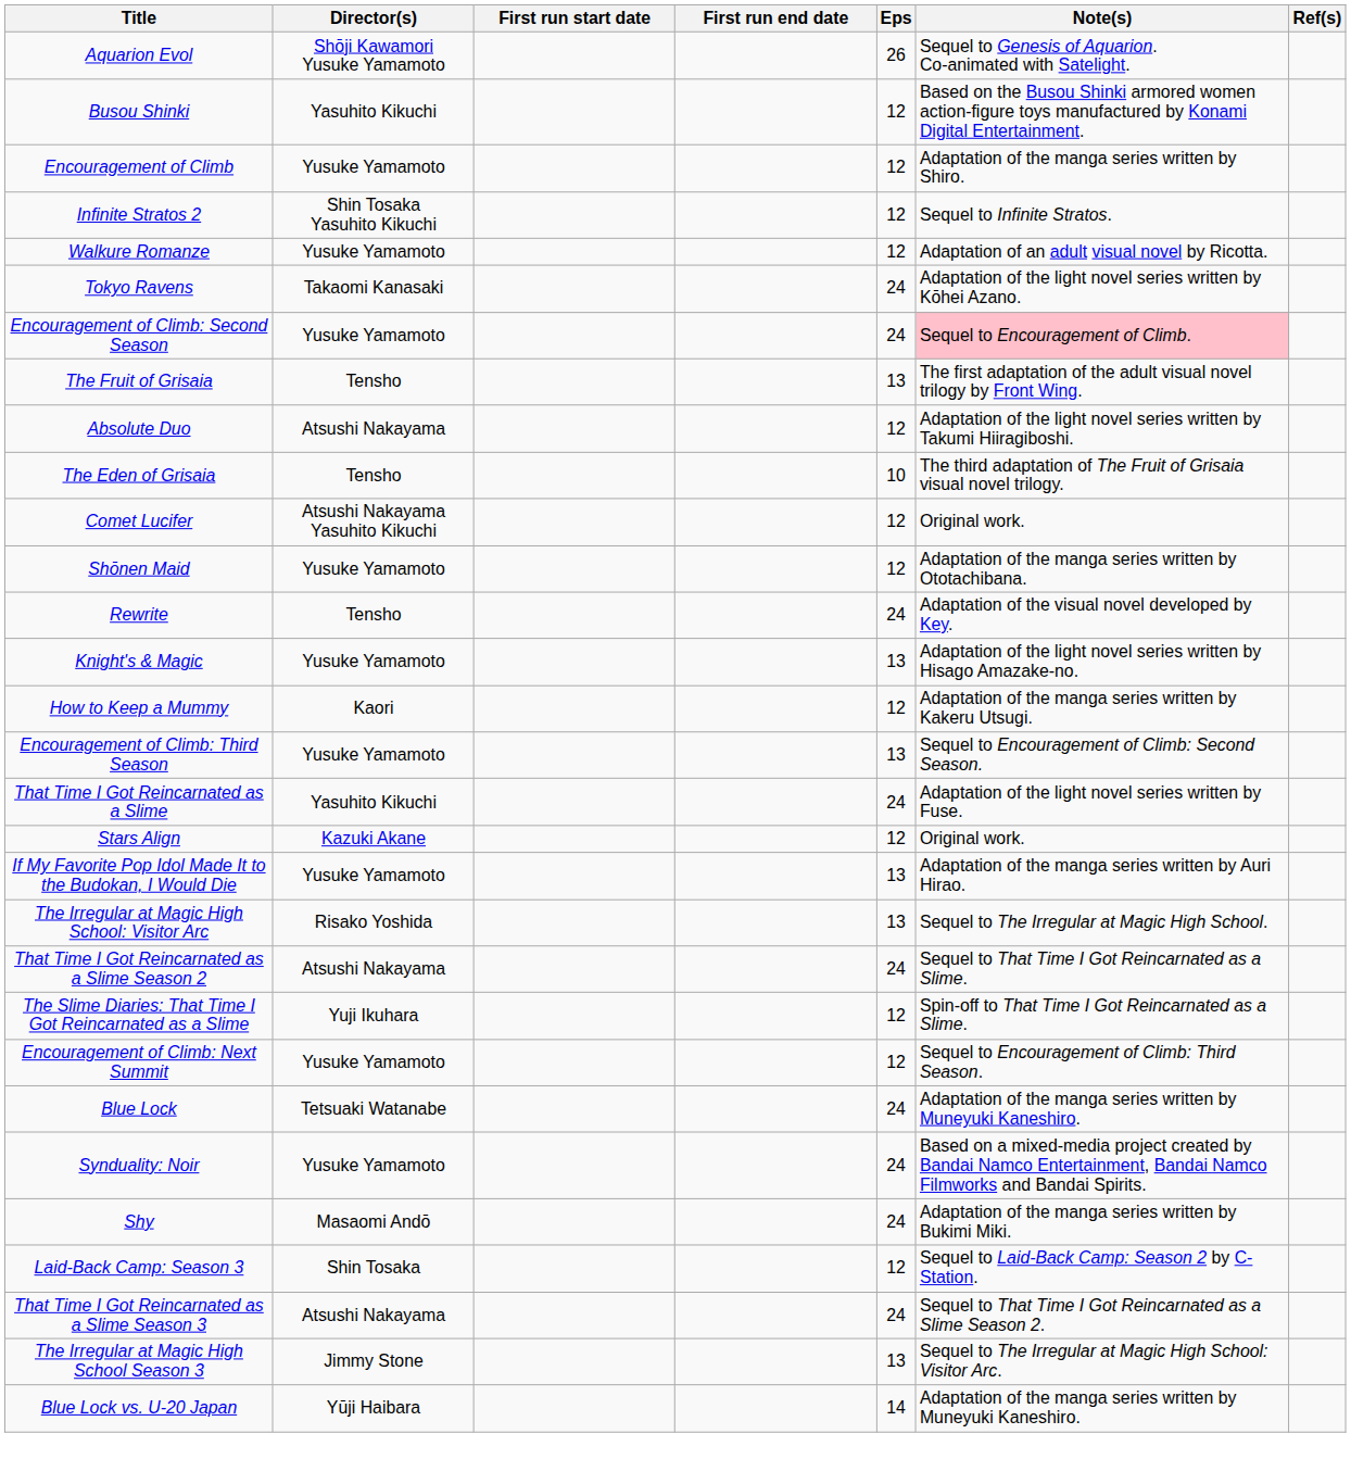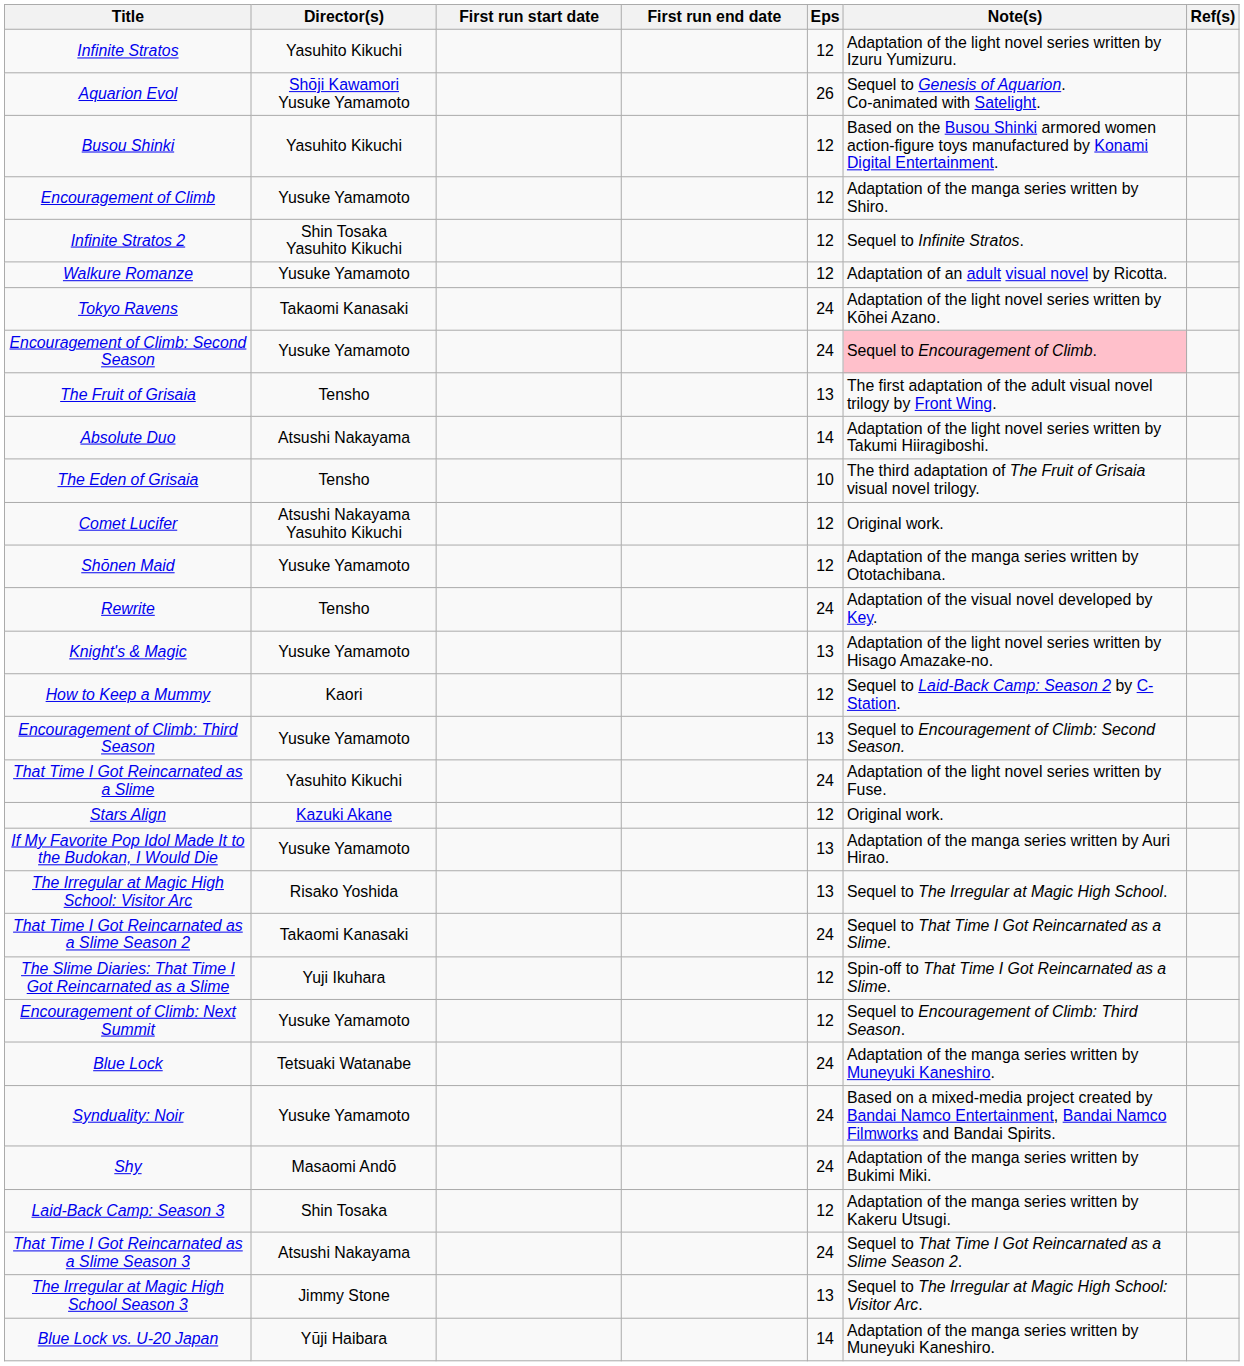 <table class="wikitable sortable" style="text-align:center; margin=auto; ">
 <tr>
 <th scope="col" width=20%>Title</th>
 <th scope="col" width=15%>Director(s)</th>
 <th scope="col" width=15%>First run start date</th>
 <th scope="col" width=15%>First run end date</th>
 <th scope="col" class="unsortable">Eps</th>
 <th scope="col" class="unsortable">Note(s)</th>
 <th scope="col" class="unsortable">Ref(s)</th>
+</tr>
+<tr>
+<td><em><a href='#'>Infinite Stratos</a></em></td>
+<td>Yasuhito Kikuchi</td>
+<td></td>
+<td></td>
+<td>12</td>
+<td style="text-align:left;">Adaptation of the light novel series written by Izuru Yumizuru.</td>
+<td></td>
 </tr>
 <tr>
 <td><em><a href='#'>Aquarion Evol</a></em></td>
 <td><a href='#'>Shōji Kawamori</a><br> Yusuke Yamamoto</td>
 <td></td>
 <td></td>
 <td>26</td>
 <td style="text-align:left;">Sequel to <em><a href='#'>Genesis of Aquarion</a></em>. <br>Co-animated with <a href='#'>Satelight</a>.</td>
 <td></td>
 </tr>
 <tr>
 <td><em><a href='#'>Busou Shinki</a></em></td>
 <td>Yasuhito Kikuchi</td>
 <td></td>
 <td></td>
 <td>12</td>
 <td style="text-align:left;">Based on the <a href='#'>Busou Shinki</a> armored women action-figure toys manufactured by <a href='#'>Konami Digital Entertainment</a>.</td>
 <td></td>
 </tr>
 <tr>
 <td><em><a href='#'>Encouragement of Climb</a></em></td>
 <td>Yusuke Yamamoto</td>
 <td></td>
 <td></td>
 <td>12</td>
 <td style="text-align:left;">Adaptation of the manga series written by Shiro.</td>
 <td></td>
 </tr>
 <tr>
 <td><em><a href='#'>Infinite Stratos 2</a></em></td>
 <td>Shin Tosaka<br>Yasuhito Kikuchi</td>
 <td></td>
 <td></td>
 <td>12</td>
 <td style="text-align:left;">Sequel to <em>Infinite Stratos</em>.</td>
 <td></td>
 </tr>
 <tr>
 <td><em><a href='#'>Walkure Romanze</a></em></td>
 <td>Yusuke Yamamoto</td>
 <td></td>
 <td></td>
 <td>12</td>
 <td style="text-align:left;">Adaptation of an <a href='#'>adult</a> <a href='#'>visual novel</a> by Ricotta.</td>
 <td></td>
 </tr>
 <tr>
 <td><em><a href='#'>Tokyo Ravens</a></em></td>
 <td>Takaomi Kanasaki</td>
 <td></td>
 <td></td>
 <td>24</td>
 <td style="text-align:left;">Adaptation of the light novel series written by Kōhei Azano.</td>
 <td></td>
 </tr>
 <tr>
 <td><em><a href='#'>Encouragement of Climb: Second Season</a></em></td>
 <td>Yusuke Yamamoto</td>
 <td></td>
 <td></td>
 <td>24</td>
 <td style="background: pink; text-align:left;">Sequel to <em>Encouragement of Climb</em>.</td>
 <td></td>
 </tr>
 <tr>
 <td><em><a href='#'>The Fruit of Grisaia</a></em></td>
 <td>Tensho</td>
 <td></td>
 <td></td>
 <td>13</td>
 <td style="text-align:left;">The first adaptation of the adult visual novel trilogy by <a href='#'>Front Wing</a>.</td>
 <td></td>
 </tr>
 <tr>
 <td><em><a href='#'>Absolute Duo</a></em></td>
 <td>Atsushi Nakayama</td>
 <td></td>
 <td></td>
-<td>12</td>
+<td>14</td>
 <td style="text-align:left;">Adaptation of the light novel series written by Takumi Hiiragiboshi.</td>
 <td></td>
 </tr>
 <tr>
 <td><em><a href='#'>The Eden of Grisaia</a></em></td>
 <td>Tensho</td>
 <td></td>
 <td></td>
 <td>10</td>
 <td style="text-align:left;">The third adaptation of <em>The Fruit of Grisaia</em> visual novel trilogy.</td>
 <td></td>
 </tr>
 <tr>
 <td><em><a href='#'>Comet Lucifer</a></em></td>
 <td>Atsushi Nakayama<br>Yasuhito Kikuchi</td>
 <td></td>
 <td></td>
 <td>12</td>
 <td style="text-align:left;">Original work.</td>
 <td></td>
 </tr>
 <tr>
 <td><em><a href='#'>Shōnen Maid</a></em></td>
 <td>Yusuke Yamamoto</td>
 <td></td>
 <td></td>
 <td>12</td>
 <td style="text-align:left;">Adaptation of the manga series written by Ototachibana.</td>
 <td></td>
 </tr>
 <tr>
 <td><em><a href='#'>Rewrite</a></em></td>
 <td>Tensho</td>
 <td></td>
 <td></td>
 <td>24</td>
 <td style="text-align:left;">Adaptation of the visual novel developed by <a href='#'>Key</a>.</td>
 <td></td>
 </tr>
 <tr>
 <td><em><a href='#'>Knight's & Magic</a></em></td>
 <td>Yusuke Yamamoto</td>
 <td></td>
 <td></td>
 <td>13</td>
 <td style="text-align:left;">Adaptation of the light novel series written by Hisago Amazake-no.</td>
 <td></td>
 </tr>
 <tr>
 <td><em><a href='#'>How to Keep a Mummy</a></em></td>
 <td>Kaori</td>
 <td></td>
 <td></td>
 <td>12</td>
-<td style="text-align:left;">Adaptation of the manga series written by Kakeru Utsugi.</td>
+<td style="text-align:left;">Sequel to <em><a href='#'>Laid-Back Camp: Season 2</a></em> by <a href='#'>C-Station</a>.</td>
 <td></td>
 </tr>
 <tr>
 <td><em><a href='#'>Encouragement of Climb: Third Season</a></em></td>
 <td>Yusuke Yamamoto</td>
 <td></td>
 <td></td>
 <td>13</td>
 <td style="text-align:left;">Sequel to <em>Encouragement of Climb: Second Season.</em></td>
 <td></td>
 </tr>
 <tr>
 <td><em><a href='#'>That Time I Got Reincarnated as a Slime</a></em></td>
 <td>Yasuhito Kikuchi</td>
 <td></td>
 <td></td>
 <td>24</td>
 <td style="text-align:left;">Adaptation of the light novel series written by Fuse.</td>
 <td></td>
 </tr>
 <tr>
 <td><em><a href='#'>Stars Align</a></em></td>
 <td><a href='#'>Kazuki Akane</a></td>
 <td></td>
 <td></td>
 <td>12</td>
 <td style="text-align:left;">Original work.</td>
 <td></td>
 </tr>
 <tr>
 <td><em><a href='#'>If My Favorite Pop Idol Made It to the Budokan, I Would Die</a></em></td>
 <td>Yusuke Yamamoto</td>
 <td></td>
 <td></td>
 <td>13</td>
 <td style="text-align:left;">Adaptation of the manga series written by Auri Hirao.</td>
 <td></td>
 </tr>
 <tr>
 <td><em><a href='#'>The Irregular at Magic High School: Visitor Arc</a></em></td>
 <td>Risako Yoshida</td>
 <td></td>
 <td></td>
 <td>13</td>
 <td style="text-align:left;">Sequel to <em>The Irregular at Magic High School</em>.</td>
 <td></td>
 </tr>
 <tr>
 <td><em><a href='#'>That Time I Got Reincarnated as a Slime Season 2</a></em></td>
-<td>Atsushi Nakayama</td>
+<td>Takaomi Kanasaki</td>
 <td></td>
 <td></td>
 <td>24</td>
 <td style="text-align:left;">Sequel to <em>That Time I Got Reincarnated as a Slime</em>.</td>
 <td></td>
 </tr>
 <tr>
 <td><em><a href='#'>The Slime Diaries: That Time I Got Reincarnated as a Slime</a></em></td>
 <td>Yuji Ikuhara</td>
 <td></td>
 <td></td>
 <td>12</td>
 <td style="text-align:left;">Spin-off to <em>That Time I Got Reincarnated as a Slime</em>.</td>
 <td></td>
 </tr>
 <tr>
 <td><em><a href='#'>Encouragement of Climb: Next Summit</a></em></td>
 <td>Yusuke Yamamoto</td>
 <td></td>
 <td></td>
 <td>12</td>
 <td style="text-align:left;">Sequel to <em>Encouragement of Climb: Third Season</em>.</td>
 <td></td>
 </tr>
 <tr>
 <td><em><a href='#'>Blue Lock</a></em></td>
 <td>Tetsuaki Watanabe</td>
 <td></td>
 <td></td>
 <td>24</td>
 <td style="text-align:left;">Adaptation of the manga series written by <a href='#'>Muneyuki Kaneshiro</a>.</td>
 <td></td>
 </tr>
 <tr>
 <td><em><a href='#'>Synduality: Noir</a></em></td>
 <td>Yusuke Yamamoto</td>
 <td></td>
 <td></td>
 <td>24</td>
 <td style="text-align:left;">Based on a mixed-media project created by <a href='#'>Bandai Namco Entertainment</a>, <a href='#'>Bandai Namco Filmworks</a> and Bandai Spirits.</td>
 <td></td>
 </tr>
 <tr>
 <td><em><a href='#'>Shy</a></em></td>
 <td>Masaomi Andō</td>
 <td></td>
 <td></td>
 <td>24</td>
 <td style="text-align:left;">Adaptation of the manga series written by Bukimi Miki.</td>
 <td></td>
 </tr>
 <tr>
 <td><em><a href='#'>Laid-Back Camp: Season 3</a></em></td>
 <td>Shin Tosaka</td>
 <td></td>
 <td></td>
 <td>12</td>
-<td style="text-align:left;">Sequel to <em><a href='#'>Laid-Back Camp: Season 2</a></em> by <a href='#'>C-Station</a>.</td>
+<td style="text-align:left;">Adaptation of the manga series written by Kakeru Utsugi.</td>
 <td></td>
 </tr>
 <tr>
 <td><em><a href='#'>That Time I Got Reincarnated as a Slime Season 3</a></em></td>
 <td>Atsushi Nakayama</td>
 <td></td>
 <td></td>
 <td>24</td>
 <td style="text-align:left;">Sequel to <em>That Time I Got Reincarnated as a Slime Season 2</em>.</td>
 <td></td>
 </tr>
 <tr>
 <td><em><a href='#'>The Irregular at Magic High School Season 3</a></em></td>
 <td>Jimmy Stone</td>
 <td></td>
 <td></td>
 <td>13</td>
 <td style="text-align:left;">Sequel to <em>The Irregular at Magic High School: Visitor Arc</em>.</td>
 <td></td>
 </tr>
 <tr>
 <td><em><a href='#'>Blue Lock vs. U-20 Japan</a></em></td>
 <td>Yūji Haibara</td>
 <td></td>
 <td></td>
 <td>14</td>
 <td style="text-align:left;">Adaptation of the manga series written by Muneyuki Kaneshiro.</td>
 <td></td>
 </tr>
 </table>
